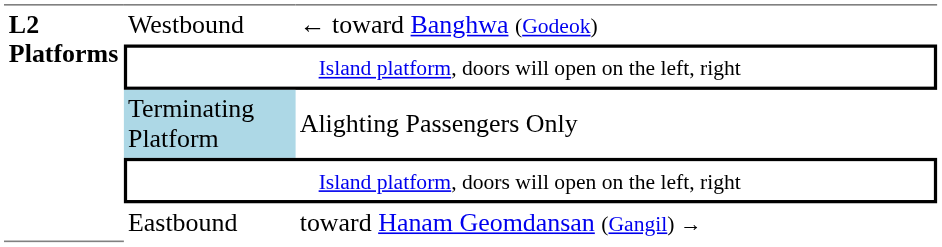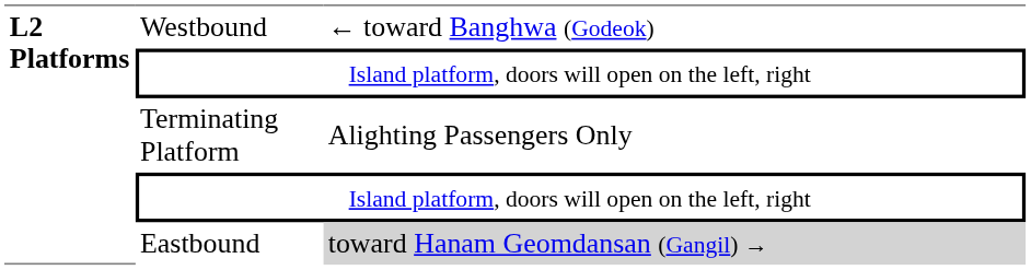 <table table border=0 cellspacing=0 cellpadding=3>
 <tr>
 <td style="border-top:solid 1px gray;border-bottom:solid 1px gray;" width=50 rowspan=10 valign=top><strong>L2<br>Platforms</strong></td>
 <td style="border-bottom:solid 0px gray;border-top:solid 1px gray;" width=100>Westbound</td>
 <td style="border-bottom:solid 0px gray;border-top:solid 1px gray;" width=390>←  toward <a href='#'>Banghwa</a> <small>(<a href='#'>Godeok</a>)</small></td>
 </tr>
 <tr>
 <td style="border-top:solid 2px black;border-right:solid 2px black;border-left:solid 2px black;border-bottom:solid 2px black;text-align:center;" colspan=2><small><a href='#'>Island platform</a>, doors will open on the left, right</small></td>
 </tr>
 <tr>
-<td style="background: lightblue;">Terminating Platform</td>
+<td>Terminating Platform</td>
 <td> Alighting Passengers Only</td>
 </tr>
 <tr>
 <td style="border-top:solid 2px black;border-right:solid 2px black;border-left:solid 2px black;border-bottom:solid 2px black;text-align:center;" colspan=2><small><a href='#'>Island platform</a>, doors will open on the left, right</small></td>
 </tr>
 <tr>
 <td>Eastbound</td>
-<td>  toward <a href='#'>Hanam Geomdansan</a> <small>(<a href='#'>Gangil</a>) →</small></td>
+<td style="background: lightgrey;">  toward <a href='#'>Hanam Geomdansan</a> <small>(<a href='#'>Gangil</a>) →</small></td>
 </tr>
 </table>
